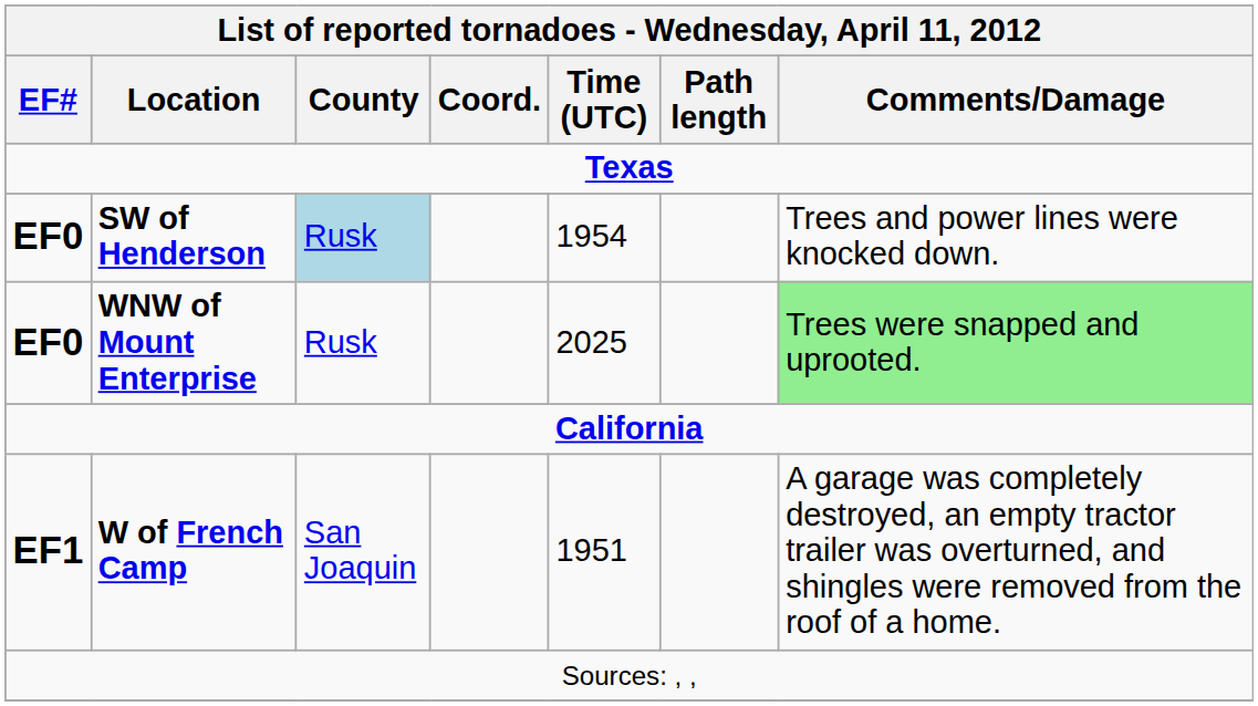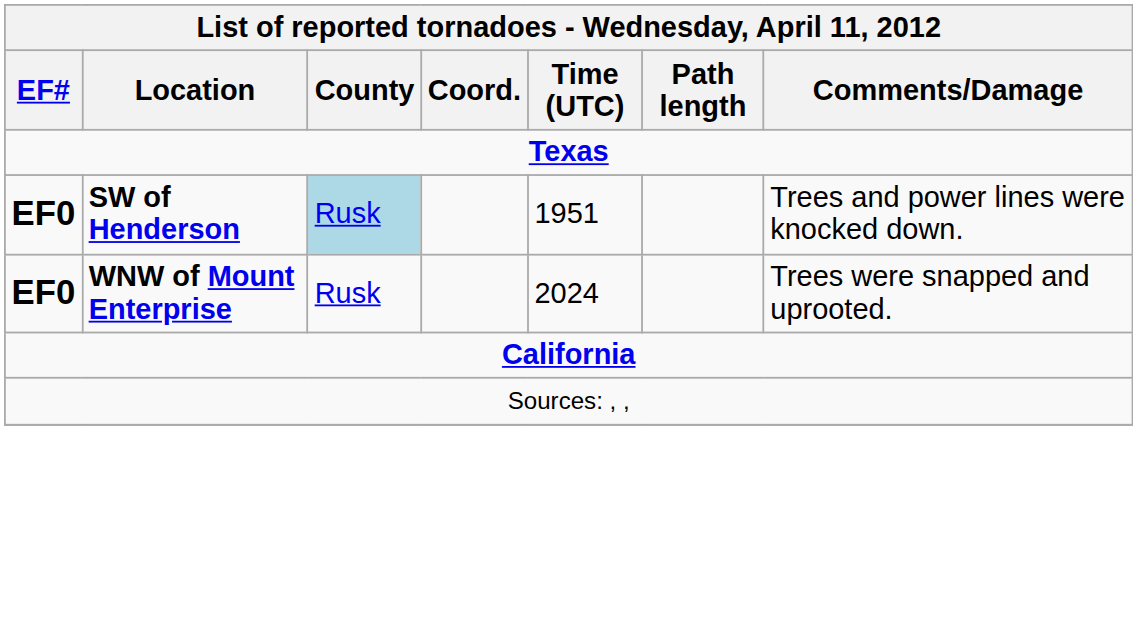 <table class="wikitable collapsible" width="100%">
 <tr>
 <th colspan="7">List of reported tornadoes - Wednesday, April 11, 2012</th>
 </tr>
 <tr>
 <th><a href='#'>EF#</a></th>
 <th>Location</th>
 <th>County</th>
 <th>Coord.</th>
 <th>Time (UTC)</th>
 <th>Path length</th>
 <th>Comments/Damage</th>
 </tr>
 <tr>
 <td colspan="7" align=center><strong><a href='#'>Texas</a></strong></td>
 </tr>
 <tr>
 <td><big><strong>EF0</strong></big></td>
 <td><strong>SW of <a href='#'>Henderson</a></strong></td>
 <td style="background: lightblue;"><a href='#'>Rusk</a></td>
 <td></td>
-<td>1954</td>
+<td>1951</td>
 <td></td>
 <td>Trees and power lines were knocked down.</td>
 </tr>
 <tr>
 <td><big><strong>EF0</strong></big></td>
 <td><strong>WNW of <a href='#'>Mount Enterprise</a></strong></td>
 <td><a href='#'>Rusk</a></td>
 <td></td>
-<td>2025</td>
+<td>2024</td>
 <td></td>
-<td style="background: lightgreen;">Trees were snapped and uprooted.</td>
+<td>Trees were snapped and uprooted.</td>
 </tr>
 <tr>
 <td colspan="7" align=center><strong><a href='#'>California</a></strong></td>
-</tr>
-<tr>
-<td><big><strong>EF1</strong></big></td>
-<td><strong>W of <a href='#'>French Camp</a></strong></td>
-<td><a href='#'>San Joaquin</a></td>
-<td></td>
-<td>1951</td>
-<td></td>
-<td>A garage was completely destroyed, an empty tractor trailer was overturned, and shingles were removed from the roof of a home.</td>
 </tr>
 <tr>
 <td colspan="7" align=center><small>Sources: , , </small></td>
 </tr>
 <tr>
 </tr>
 </table>
